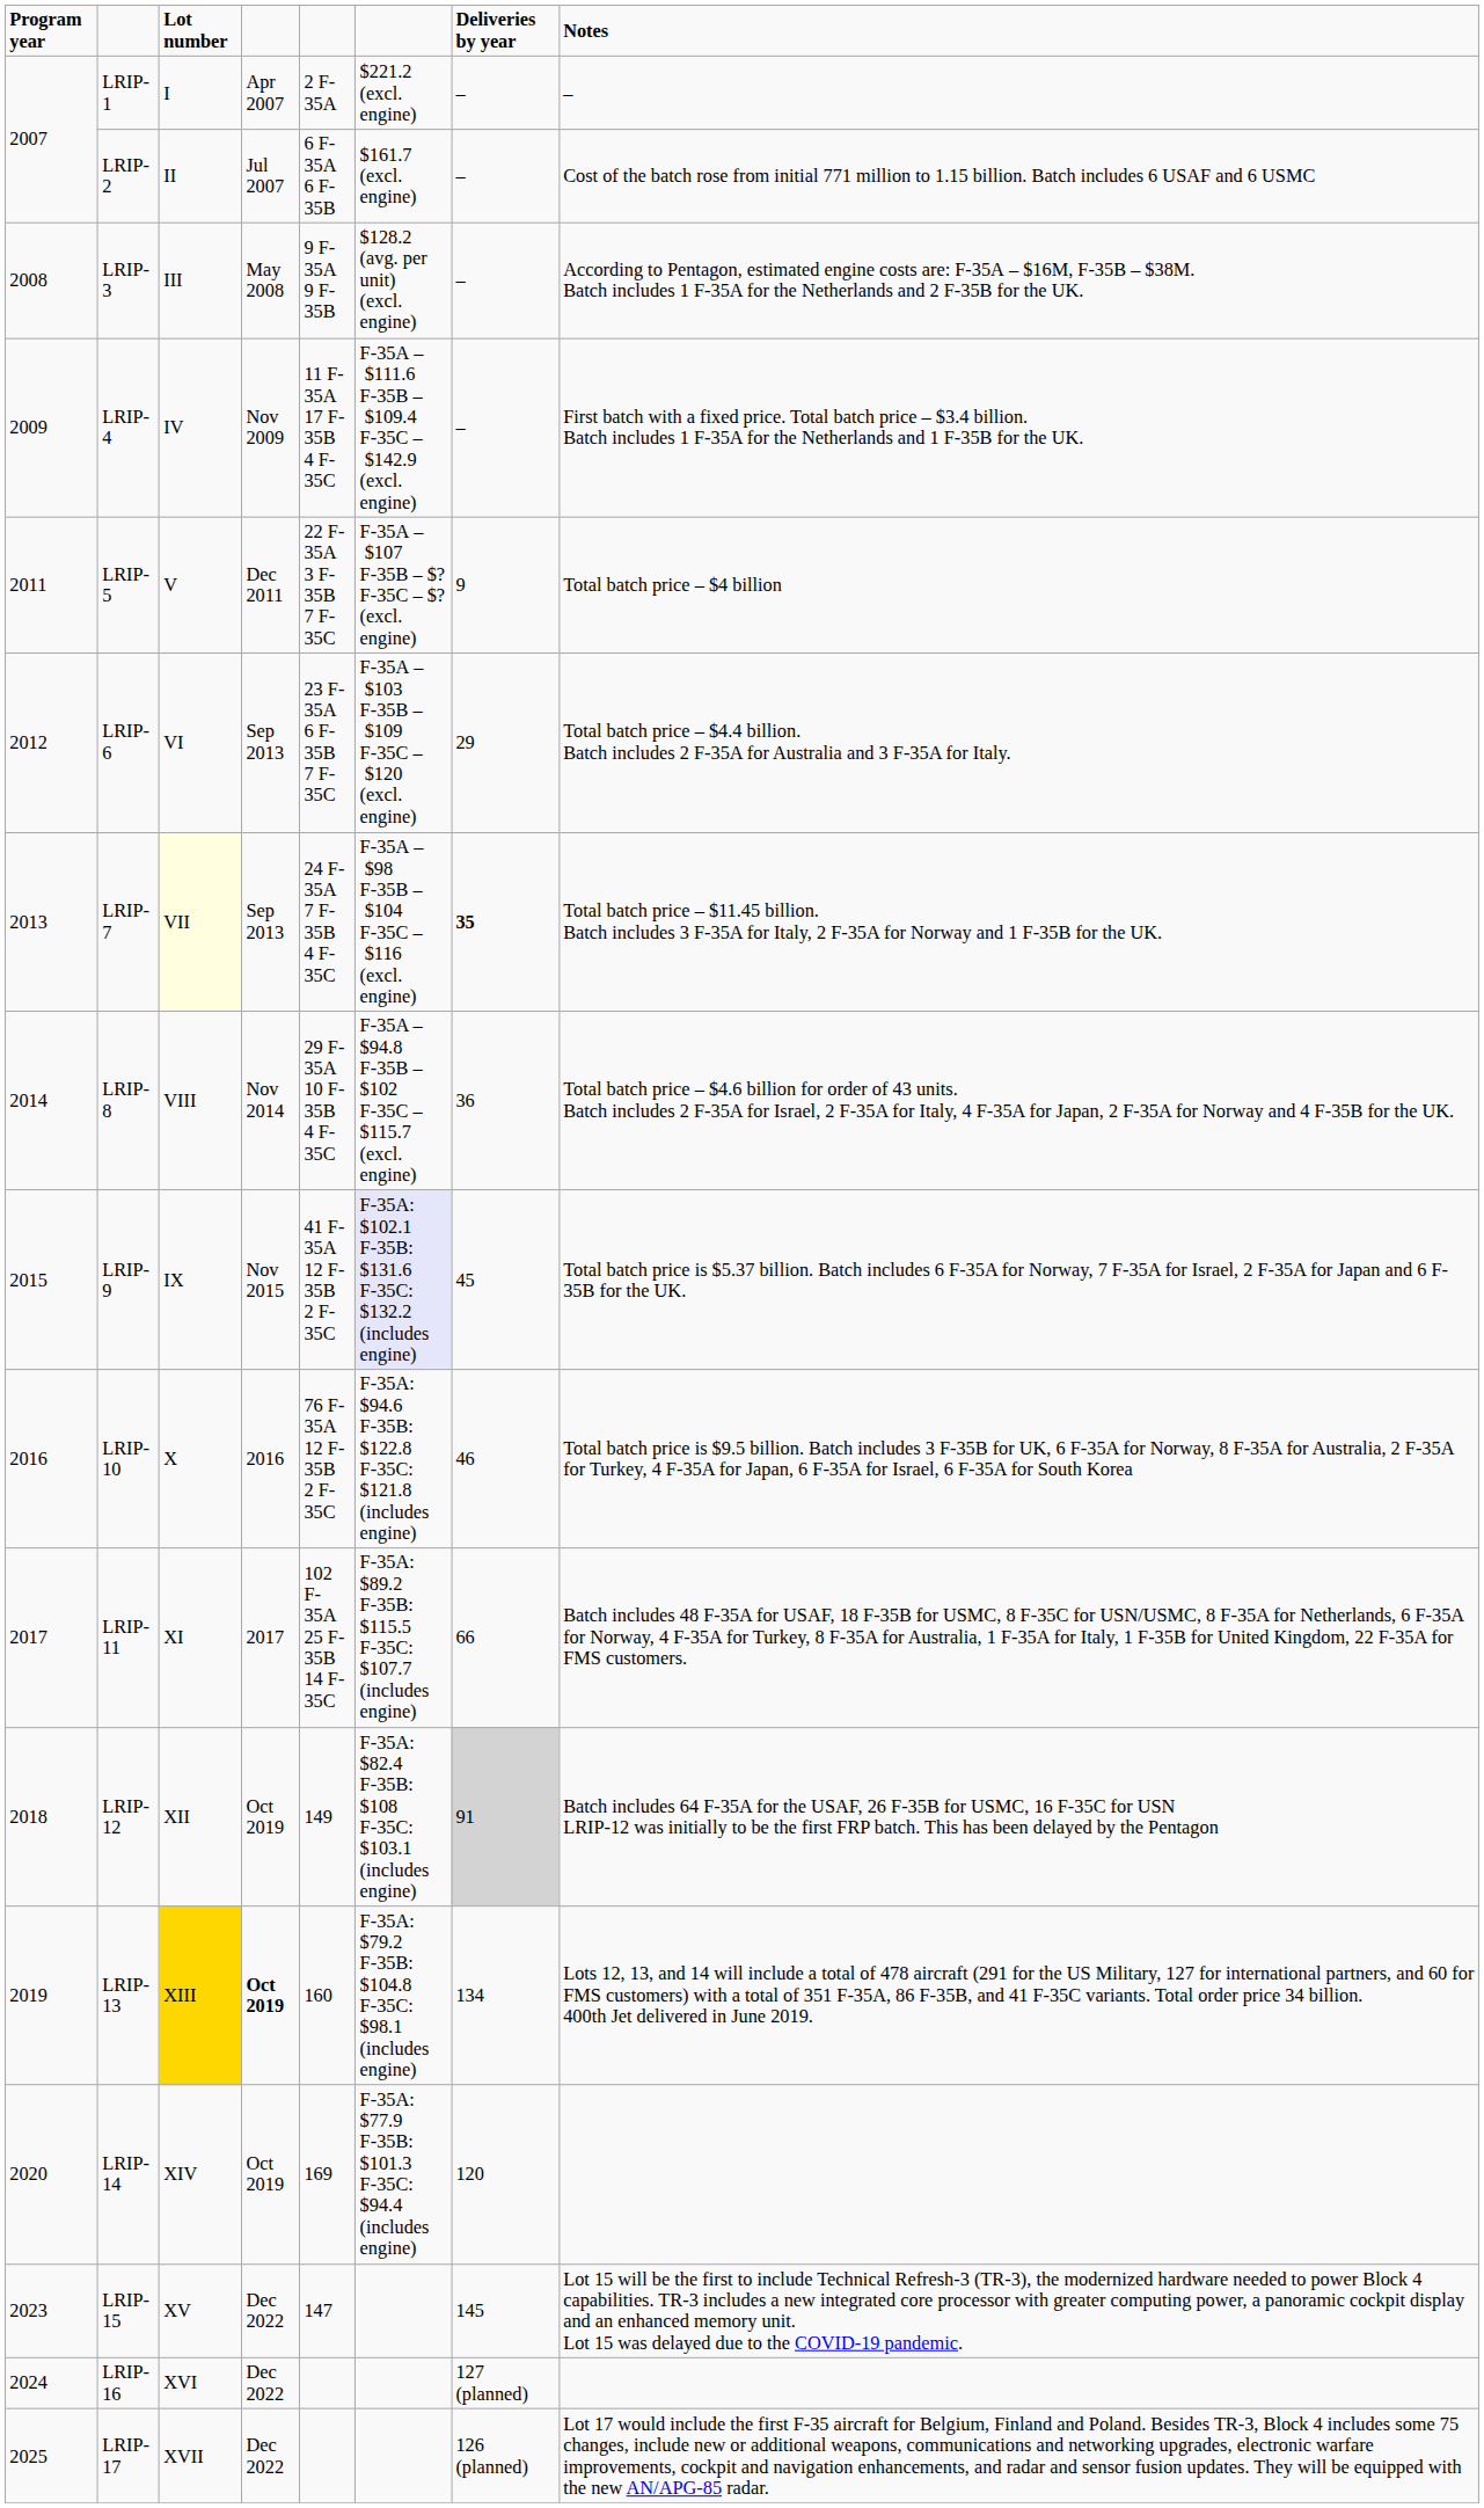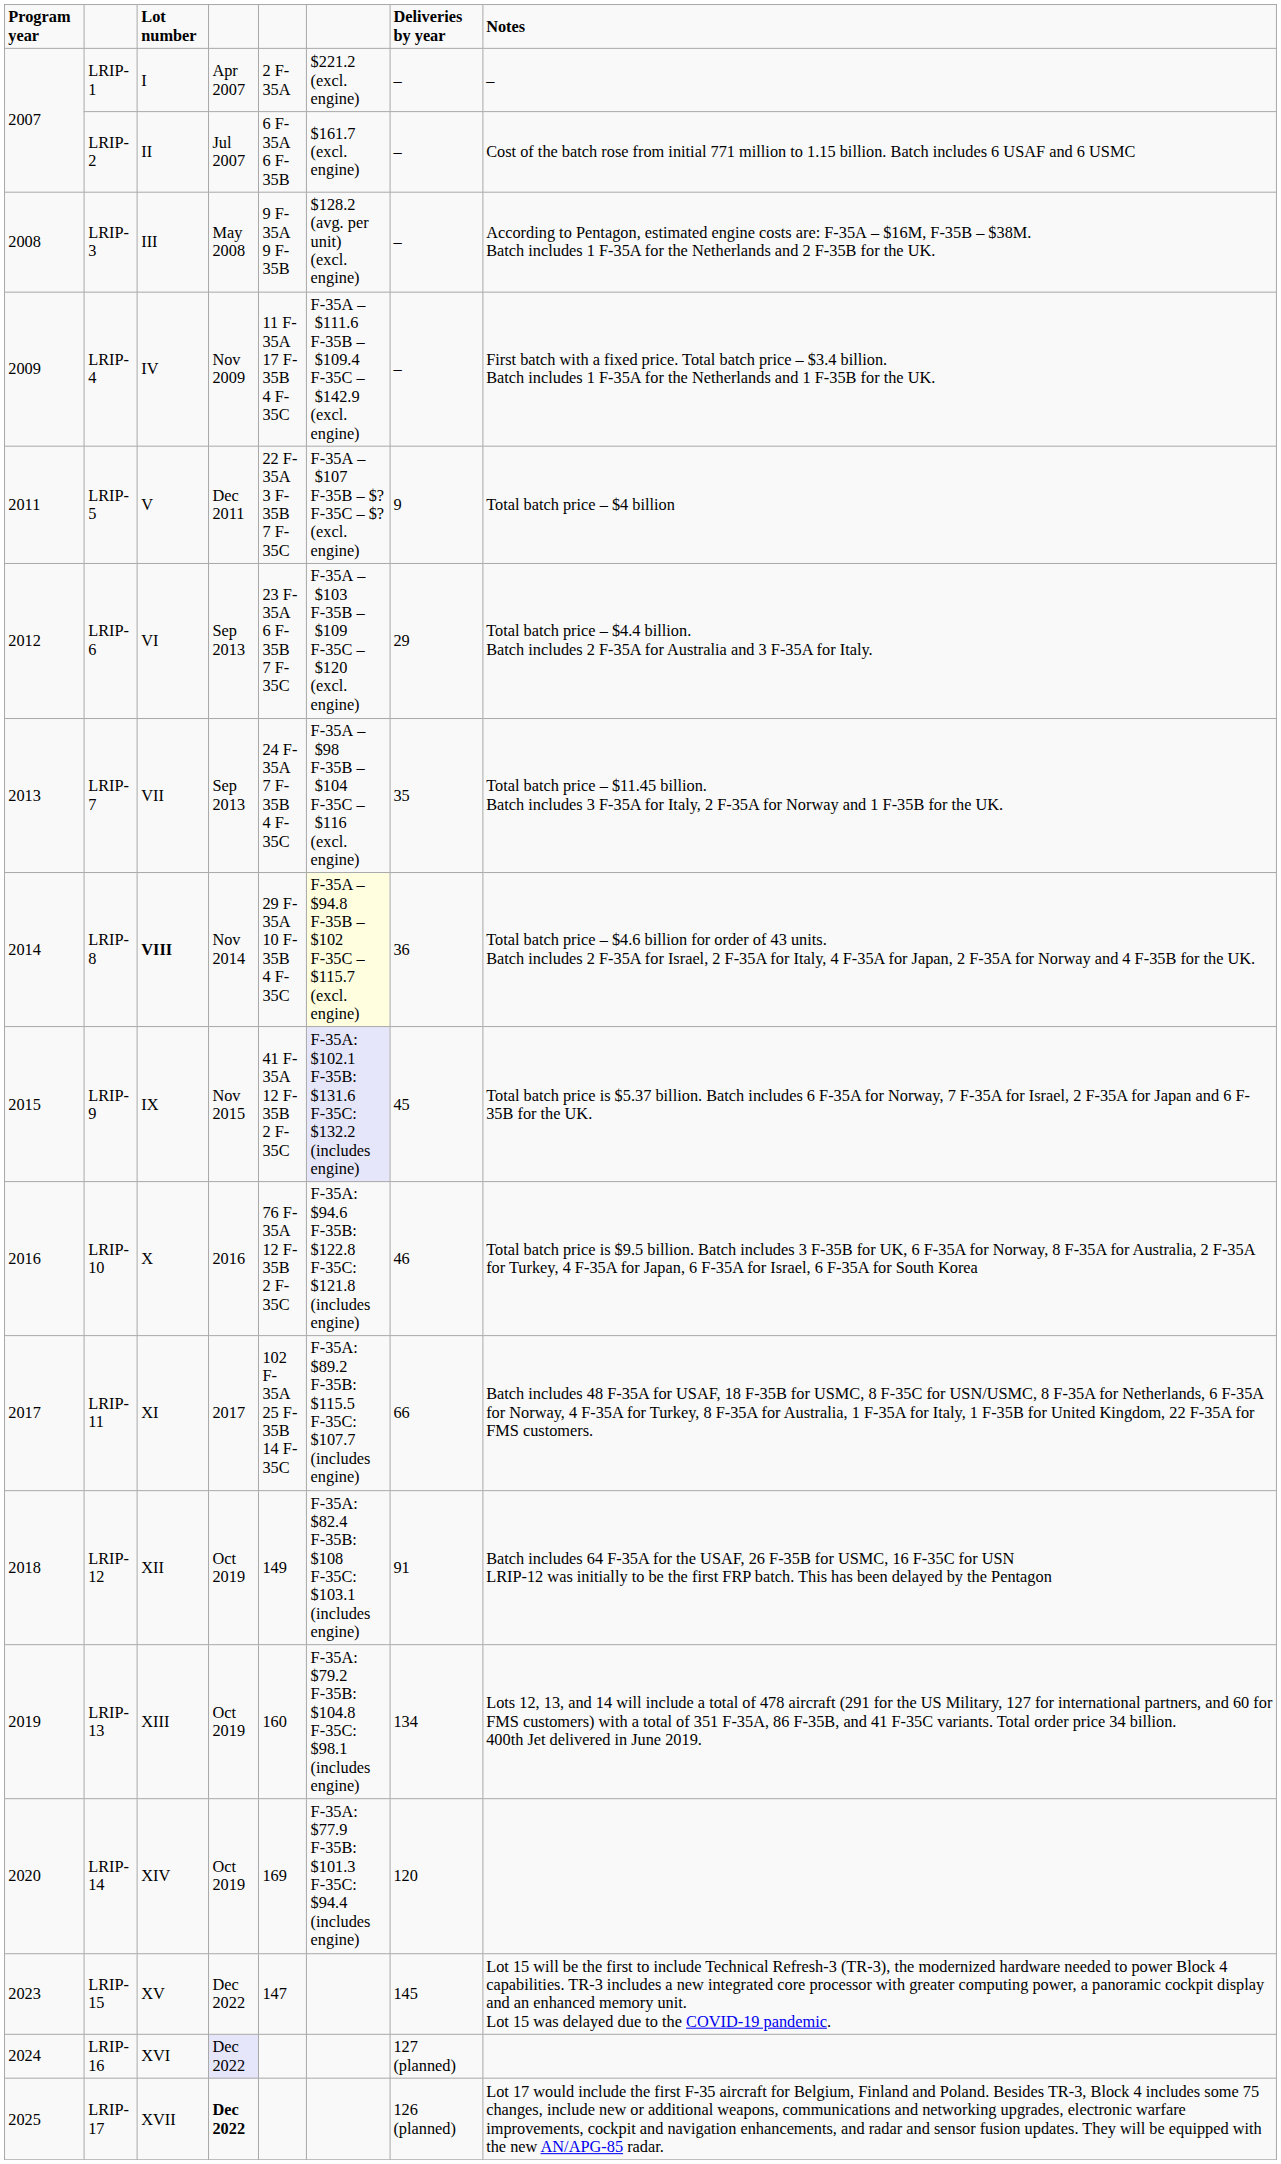 <table class="wikitable">
 <tr>
 <td><strong>Program year</strong></td>
 <td></td>
 <td><strong>Lot number</strong></td>
 <td></td>
 <td></td>
 <td></td>
 <td><strong>Deliveries by year</strong></td>
 <td><strong>Notes</strong></td>
 </tr>
 <tr>
 <td rowspan="2">2007</td>
 <td>LRIP-1</td>
 <td>I</td>
 <td>Apr 2007</td>
 <td>2 F-35A</td>
 <td>$221.2 <br>(excl. engine)</td>
 <td>–</td>
 <td>–</td>
 </tr>
 <tr>
 <td>LRIP-2</td>
 <td>II</td>
 <td>Jul 2007</td>
 <td>6 F-35A <br>6 F-35B</td>
 <td>$161.7 <br>(excl. engine)</td>
 <td>–</td>
 <td>Cost of the batch rose from initial 771 million to 1.15 billion. Batch includes 6 USAF and 6 USMC</td>
 </tr>
 <tr>
 <td>2008</td>
 <td>LRIP-3</td>
 <td>III</td>
 <td>May 2008</td>
 <td>9 F-35A <br>9 F-35B</td>
 <td>$128.2 <br>(avg. per unit) <br>(excl. engine)</td>
 <td>–</td>
 <td>According to Pentagon, estimated engine costs are: F-35A – $16M, F-35B – $38M. <br>Batch includes 1 F-35A for the Netherlands and 2 F-35B for the UK.</td>
 </tr>
 <tr>
 <td>2009</td>
 <td>LRIP-4</td>
 <td>IV</td>
 <td>Nov 2009</td>
 <td>11 F-35A <br>17 F-35B <br>4 F-35C</td>
 <td>F-35A – $111.6 <br>F-35B – $109.4 <br>F-35C – $142.9 <br>(excl. engine)</td>
 <td>–</td>
 <td>First batch with a fixed price. Total batch price – $3.4 billion. <br>Batch includes 1 F-35A for the Netherlands and 1 F-35B for the UK.</td>
 </tr>
 <tr>
 <td>2011</td>
 <td>LRIP-5</td>
 <td>V</td>
 <td>Dec 2011</td>
 <td>22 F-35A <br> 3 F-35B <br> 7 F-35C</td>
 <td>F-35A – $107 <br>F-35B – $? <br>F-35C – $? <br>(excl. engine)</td>
 <td>9</td>
 <td>Total batch price – $4 billion</td>
 </tr>
 <tr>
 <td>2012</td>
 <td>LRIP-6</td>
 <td>VI</td>
 <td>Sep 2013</td>
 <td>23 F-35A <br> 6 F-35B <br> 7 F-35C</td>
 <td>F-35A – $103 <br>F-35B – $109 <br>F-35C – $120 <br>(excl. engine)</td>
 <td>29</td>
 <td>Total batch price – $4.4 billion. <br>Batch includes 2 F-35A for Australia and 3 F-35A for Italy.</td>
 </tr>
 <tr>
 <td>2013</td>
 <td>LRIP-7</td>
-<td style="background: lightyellow;">VII</td>
+<td>VII</td>
 <td>Sep 2013</td>
 <td>24 F-35A <br> 7 F-35B <br> 4 F-35C</td>
 <td>F-35A – $98 <br>F-35B – $104 <br>F-35C – $116 <br>(excl. engine)</td>
-<td><strong>35</strong></td>
+<td>35</td>
 <td>Total batch price – $11.45 billion. <br>Batch includes 3 F-35A for Italy, 2 F-35A for Norway and 1 F-35B for the UK.</td>
 </tr>
 <tr>
 <td>2014</td>
 <td>LRIP-8</td>
-<td>VIII</td>
+<td><strong>VIII</strong></td>
 <td>Nov 2014</td>
 <td>29 F-35A <br> 10 F-35B <br> 4 F-35C</td>
-<td>F-35A – $94.8 <br>F-35B – $102 <br>F-35C – $115.7 <br>(excl. engine)</td>
+<td style="background: lightyellow;">F-35A – $94.8 <br>F-35B – $102 <br>F-35C – $115.7 <br>(excl. engine)</td>
 <td>36</td>
 <td>Total batch price – $4.6 billion for order of 43 units. <br>Batch includes 2 F-35A for Israel, 2 F-35A for Italy, 4 F-35A for Japan, 2 F-35A for Norway and 4 F-35B for the UK.</td>
 </tr>
 <tr>
 <td>2015</td>
 <td>LRIP-9</td>
 <td>IX</td>
 <td>Nov 2015</td>
 <td>41 F-35A <br>12 F-35B <br>2 F-35C</td>
 <td style="background: lavender;">F-35A: $102.1<br>F-35B: $131.6 <br>F-35C: $132.2 <br>(includes engine)</td>
 <td>45</td>
 <td>Total batch price is $5.37 billion. Batch includes 6 F-35A for Norway, 7 F-35A for Israel, 2 F-35A for Japan and 6 F-35B for the UK.</td>
 </tr>
 <tr>
 <td>2016</td>
 <td>LRIP-10</td>
 <td>X</td>
 <td>2016</td>
 <td>76 F-35A <br>12 F-35B <br> 2 F-35C</td>
 <td>F-35A: $94.6 <br>F-35B: $122.8 <br>F-35C: $121.8 <br>(includes engine)</td>
 <td>46</td>
 <td>Total batch price is $9.5 billion. Batch includes 3 F-35B for UK, 6 F-35A for Norway, 8 F-35A for Australia, 2 F-35A for Turkey, 4 F-35A for Japan, 6 F-35A for Israel, 6 F-35A for South Korea</td>
 </tr>
 <tr>
 <td>2017</td>
 <td>LRIP-11</td>
 <td>XI</td>
 <td>2017 <br></td>
 <td>102 F-35A <br>25 F-35B <br>14 F-35C</td>
 <td>F-35A: $89.2 <br>F-35B: $115.5 <br>F-35C: $107.7 <br>(includes engine)</td>
 <td>66</td>
 <td>Batch includes 48 F-35A for USAF, 18 F-35B for USMC, 8 F-35C for USN/USMC, 8 F-35A for Netherlands, 6 F-35A for Norway, 4 F-35A for Turkey, 8 F-35A for Australia, 1 F-35A for Italy, 1 F-35B for United Kingdom, 22 F-35A for FMS customers.</td>
 </tr>
 <tr>
 <td>2018</td>
 <td>LRIP-12</td>
 <td>XII</td>
 <td>Oct 2019</td>
 <td>149</td>
 <td>F-35A: $82.4 <br>F-35B: $108 <br>F-35C: $103.1 <br>(includes engine)</td>
-<td style="background: lightgrey;">91</td>
+<td>91</td>
 <td>Batch includes 64 F-35A for the USAF, 26 F-35B for USMC, 16 F-35C for USN<br>LRIP-12 was initially to be the first FRP batch. This has been delayed by the Pentagon</td>
 </tr>
 <tr>
 <td>2019</td>
 <td>LRIP-13</td>
-<td style="background: gold;">XIII</td>
-<td><strong>Oct 2019</strong></td>
+<td>XIII</td>
+<td>Oct 2019</td>
 <td>160</td>
 <td>F-35A: $79.2 <br>F-35B: $104.8 <br>F-35C: $98.1<br>(includes engine)</td>
 <td>134</td>
 <td>Lots 12, 13, and 14 will include a total of 478 aircraft (291 for the US Military, 127 for international partners, and 60 for FMS customers) with a total of 351 F-35A, 86 F-35B, and 41 F-35C variants. Total order price 34 billion.<br>400th Jet delivered in June 2019.</td>
 </tr>
 <tr>
 <td>2020</td>
 <td>LRIP-14</td>
 <td>XIV</td>
 <td>Oct 2019</td>
 <td>169</td>
 <td>F-35A: $77.9 <br>F-35B: $101.3 <br>F-35C: $94.4<br>(includes engine)</td>
 <td>120</td>
 <td></td>
 </tr>
 <tr>
 <td>2023</td>
 <td>LRIP-15</td>
 <td>XV</td>
 <td>Dec 2022</td>
 <td>147</td>
 <td></td>
 <td>145</td>
 <td>Lot 15 will be the first to include Technical Refresh-3 (TR-3), the modernized hardware needed to power Block 4 capabilities. TR-3 includes a new integrated core processor with greater computing power, a panoramic cockpit display and an enhanced memory unit.<br>Lot 15 was delayed due to the <a href='#'>COVID-19 pandemic</a>.</td>
 </tr>
 <tr>
 <td>2024</td>
 <td>LRIP-16</td>
 <td>XVI</td>
-<td>Dec 2022</td>
+<td style="background: lavender;">Dec 2022</td>
 <td></td>
 <td></td>
 <td>127 (planned)</td>
 <td></td>
 </tr>
 <tr>
 <td>2025</td>
 <td>LRIP-17</td>
 <td>XVII</td>
-<td>Dec 2022</td>
+<td><strong>Dec 2022</strong></td>
 <td></td>
 <td></td>
 <td>126 (planned)</td>
 <td>Lot 17 would include the first F-35 aircraft for Belgium, Finland and Poland. Besides TR-3, Block 4 includes some 75 changes, include new or additional weapons, communications and networking upgrades, electronic warfare improvements, cockpit and navigation enhancements, and radar and sensor fusion updates. They will be equipped with the new <a href='#'>AN/APG-85</a> radar.</td>
 </tr>
 </table>
